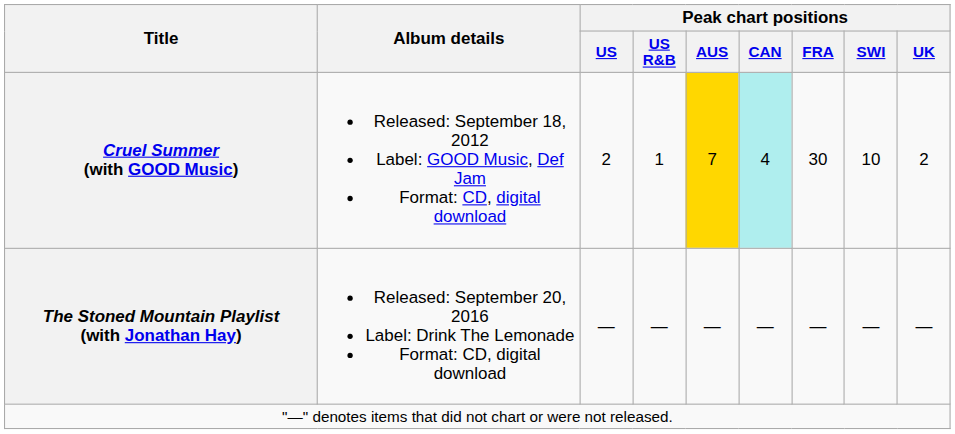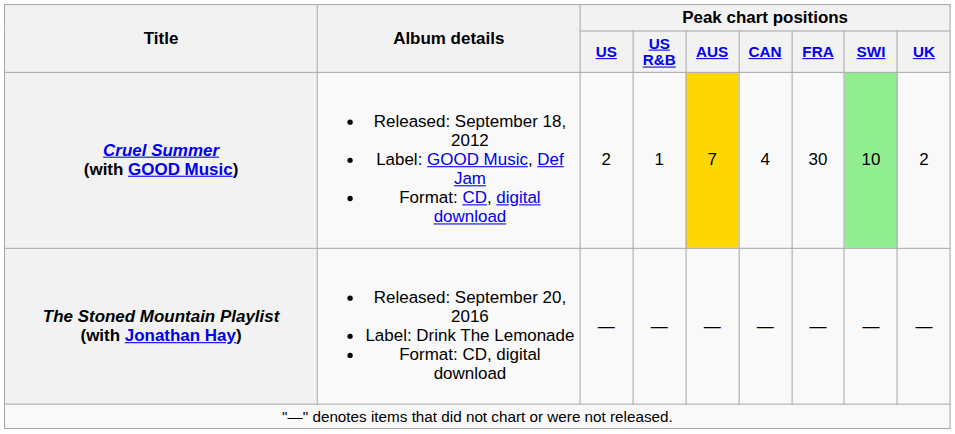 <table class="wikitable plainrowheaders" style="text-align:center;">
 <tr>
 <th scope="col" rowspan="2" style="width:18em;">Title</th>
 <th scope="col" rowspan="2" style="width:15em;">Album details</th>
 <th scope="col" colspan="8">Peak chart positions</th>
 </tr>
 <tr>
 <th scope="col" style="width:3em;font-size:90%;"><a href='#'>US</a><br></th>
 <th scope="col" style="width:3em;font-size:90%;"><a href='#'>US R&B</a><br></th>
 <th scope="col" style="width:3em;font-size:90%;"><a href='#'>AUS</a><br></th>
 <th scope="col" style="width:3em;font-size:90%;"><a href='#'>CAN</a><br></th>
 <th scope="col" style="width:3em;font-size:90%;"><a href='#'>FRA</a><br></th>
 <th scope="col" style="width:3em;font-size:90%;"><a href='#'>SWI</a><br></th>
 <th scope="col" style="width:3em;font-size:90%;"><a href='#'>UK</a><br></th>
 </tr>
 <tr>
 <th scope="row"><em><a href='#'>Cruel Summer</a></em><br> <span>(with <a href='#'>GOOD Music</a>)</span></th>
 <td><br><ul><li>Released: September 18, 2012</li><li>Label: <a href='#'>GOOD Music</a>, <a href='#'>Def Jam</a></li><li>Format: <a href='#'>CD</a>, <a href='#'>digital download</a></li></ul></td>
 <td>2</td>
 <td>1</td>
 <td style="background: gold;">7</td>
-<td style="background: paleturquoise;">4</td>
+<td>4</td>
 <td>30</td>
-<td>10</td>
+<td style="background: lightgreen;">10</td>
 <td>2</td>
 </tr>
 <tr>
 <th scope="row"><em>The Stoned Mountain Playlist</em><br><span>(with <a href='#'>Jonathan Hay</a>)</span></th>
 <td><br><ul><li>Released: September 20, 2016</li><li>Label: Drink The Lemonade</li><li>Format: CD, digital download</li></ul></td>
 <td>—</td>
 <td>—</td>
 <td>—</td>
 <td>—</td>
 <td>—</td>
 <td>—</td>
 <td>—</td>
 </tr>
 <tr>
 <td colspan="16" style="font-size:90%">"—" denotes items that did not chart or were not released.</td>
 </tr>
 </table>
